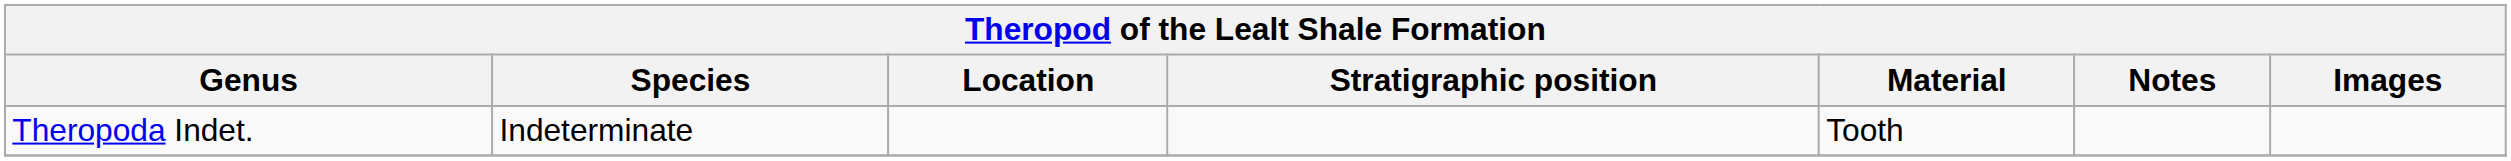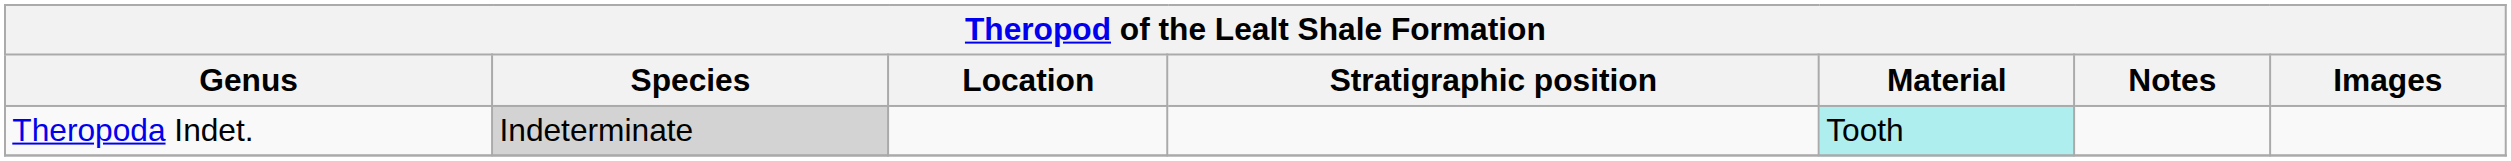 <table class="wikitable" align="center" width="100%">
 <tr>
 <th colspan="7" align="center"><strong><a href='#'>Theropod</a> of the Lealt Shale Formation</strong></th>
 </tr>
 <tr>
 <th>Genus</th>
 <th>Species</th>
 <th>Location</th>
 <th>Stratigraphic position</th>
 <th>Material</th>
 <th>Notes</th>
 <th>Images</th>
 </tr>
 <tr>
 <td><a href='#'>Theropoda</a> Indet.</td>
-<td>Indeterminate</td>
+<td style="background: lightgrey;">Indeterminate</td>
 <td></td>
 <td></td>
-<td>Tooth</td>
+<td style="background: paleturquoise;">Tooth</td>
 <td></td>
 <td></td>
 </tr>
 <tr>
 </tr>
 </table>
